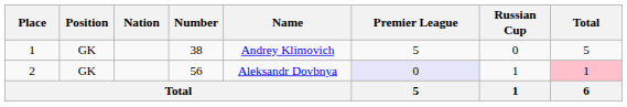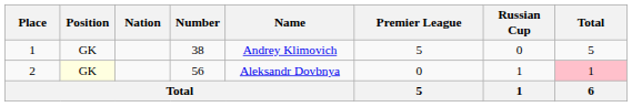 <table class="wikitable" style="font-size: 95%; text-align: center;">
 <tr>
 <th width=60>Place</th>
 <th width=60>Position</th>
 <th width=60>Nation</th>
 <th width=60>Number</th>
 <th width=150>Name</th>
 <th width=150>Premier League</th>
 <th width=80>Russian Cup</th>
 <th width=80>Total</th>
 </tr>
 <tr>
 <td>1</td>
 <td>GK</td>
 <td></td>
 <td>38</td>
 <td><a href='#'>Andrey Klimovich</a></td>
 <td>5</td>
 <td>0</td>
 <td>5</td>
 </tr>
 <tr>
 <td>2</td>
-<td>GK</td>
+<td style="background: lightyellow;">GK</td>
 <td></td>
 <td>56</td>
 <td><a href='#'>Aleksandr Dovbnya</a></td>
-<td style="background: lavender;">0</td>
+<td>0</td>
 <td>1</td>
 <td style="background: pink;">1</td>
 </tr>
 <tr>
 <th colspan=5>Total</th>
 <th>5</th>
 <th>1</th>
 <th>6</th>
 </tr>
 </table>
